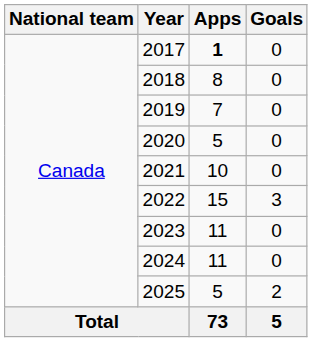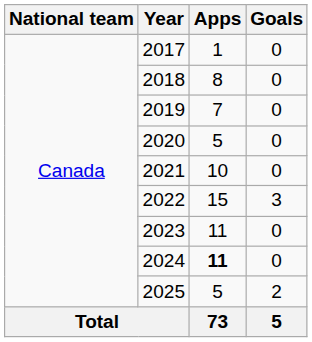 <table class="wikitable" style="text-align:center">
 <tr>
 <th>National team</th>
 <th>Year</th>
 <th>Apps</th>
 <th>Goals</th>
 </tr>
 <tr>
 <td rowspan="9"><a href='#'>Canada</a></td>
 <td>2017</td>
-<td><strong>1</strong></td>
+<td>1</td>
 <td>0</td>
 </tr>
 <tr>
 <td>2018</td>
 <td>8</td>
 <td>0</td>
 </tr>
 <tr>
 <td>2019</td>
 <td>7</td>
 <td>0</td>
 </tr>
 <tr>
 <td>2020</td>
 <td>5</td>
 <td>0</td>
 </tr>
 <tr>
 <td>2021</td>
 <td>10</td>
 <td>0</td>
 </tr>
 <tr>
 <td>2022</td>
 <td>15</td>
 <td>3</td>
 </tr>
 <tr>
 <td>2023</td>
 <td>11</td>
 <td>0</td>
 </tr>
 <tr>
 <td>2024</td>
-<td>11</td>
+<td><strong>11</strong></td>
 <td>0</td>
 </tr>
 <tr>
 <td>2025</td>
 <td>5</td>
 <td>2</td>
 </tr>
 <tr>
 <th colspan="2">Total</th>
 <th>73</th>
 <th>5</th>
 </tr>
 </table>
